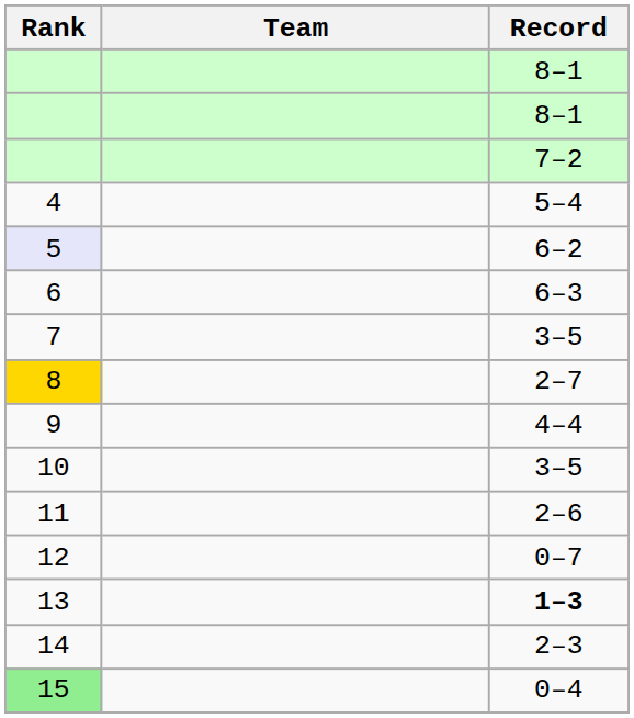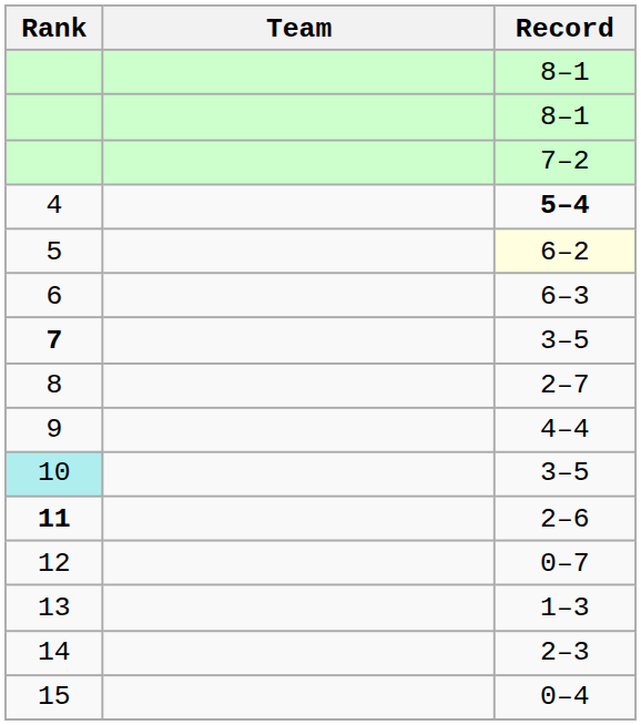 <table class="wikitable" style="text-align: center;">
 <tr>
 <th width=40>Rank</th>
 <th width=180>Team</th>
 <th width=60>Record</th>
 </tr>
 <tr bgcolor=" #ccffcc">
 <td></td>
 <td align="left"></td>
 <td>8–1</td>
 </tr>
 <tr bgcolor= "#ccffcc">
 <td></td>
 <td align="left"></td>
 <td>8–1</td>
 </tr>
 <tr bgcolor="#ccffcc">
 <td></td>
 <td align="left"></td>
 <td>7–2</td>
 </tr>
 <tr>
 <td>4</td>
 <td align="left"></td>
-<td>5–4</td>
+<td><strong>5–4</strong></td>
 </tr>
 <tr>
-<td style="background: lavender;">5</td>
+<td>5</td>
 <td align="left"></td>
-<td>6–2</td>
+<td style="background: lightyellow;">6–2</td>
 </tr>
 <tr>
 <td>6</td>
 <td align="left"></td>
 <td>6–3</td>
 </tr>
 <tr>
-<td>7</td>
+<td><strong>7</strong></td>
 <td align="left"></td>
 <td>3–5</td>
 </tr>
 <tr>
-<td style="background: gold;">8</td>
+<td>8</td>
 <td align="left"></td>
 <td>2–7</td>
 </tr>
 <tr>
 <td>9</td>
 <td align="left"></td>
 <td>4–4</td>
 </tr>
 <tr>
-<td>10</td>
+<td style="background: paleturquoise;">10</td>
 <td align="left"></td>
 <td>3–5</td>
 </tr>
 <tr>
-<td>11</td>
+<td><strong>11</strong></td>
 <td align="left"></td>
 <td>2–6</td>
 </tr>
 <tr>
 <td>12</td>
 <td align="left"></td>
 <td>0–7</td>
 </tr>
 <tr>
 <td>13</td>
 <td align="left"></td>
-<td><strong>1–3</strong></td>
+<td>1–3</td>
 </tr>
 <tr>
 <td>14</td>
 <td align="left"></td>
 <td>2–3</td>
 </tr>
 <tr>
-<td style="background: lightgreen;">15</td>
+<td>15</td>
 <td align="left"></td>
 <td>0–4</td>
 </tr>
 <tr>
 </tr>
 </table>
